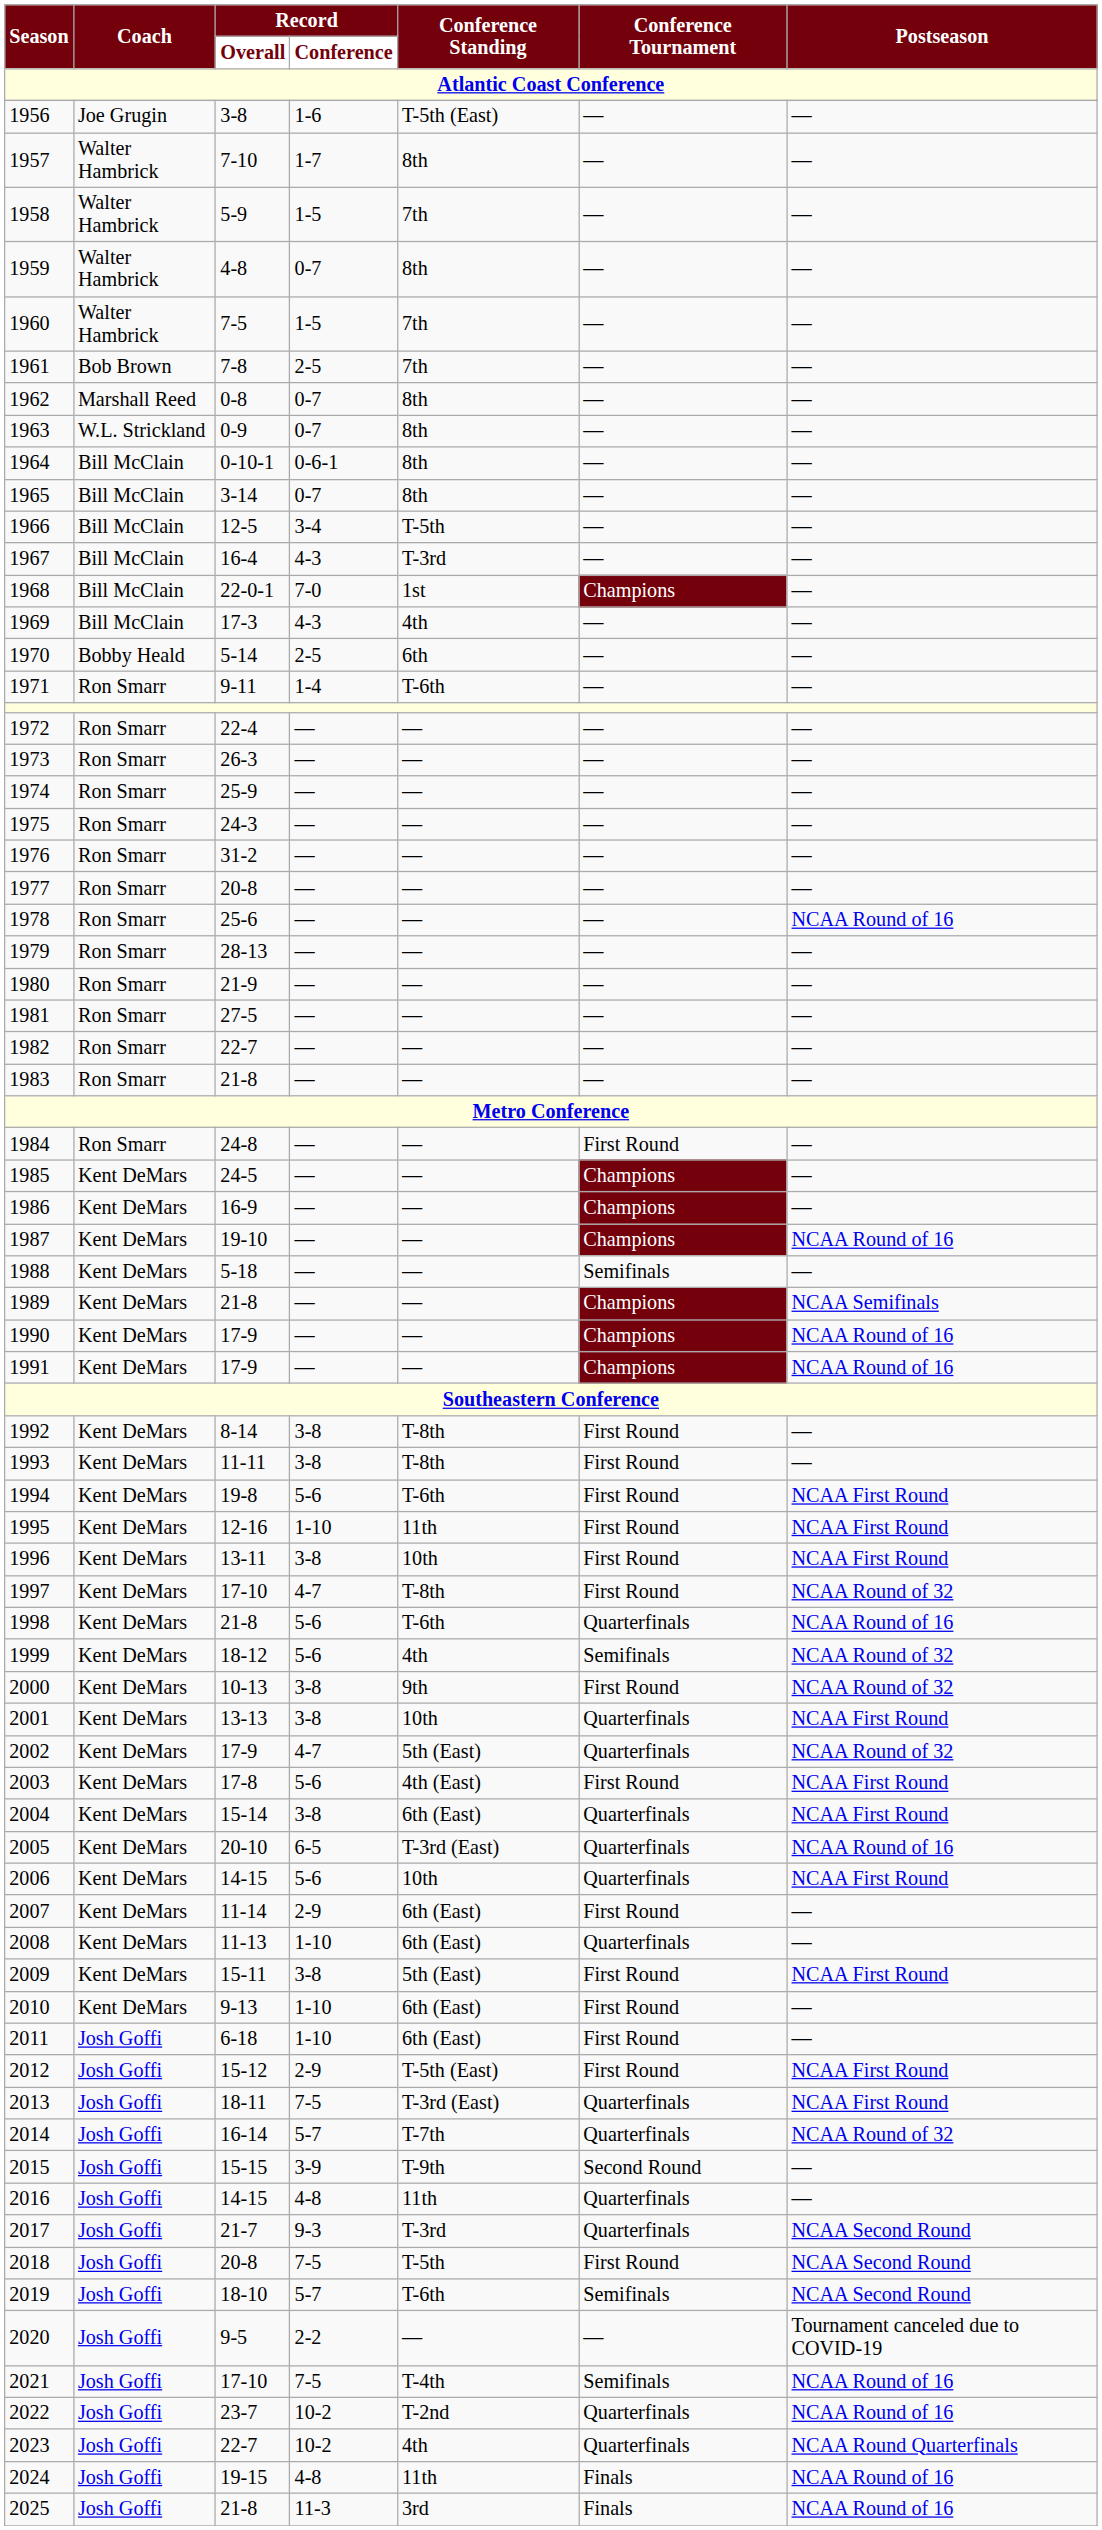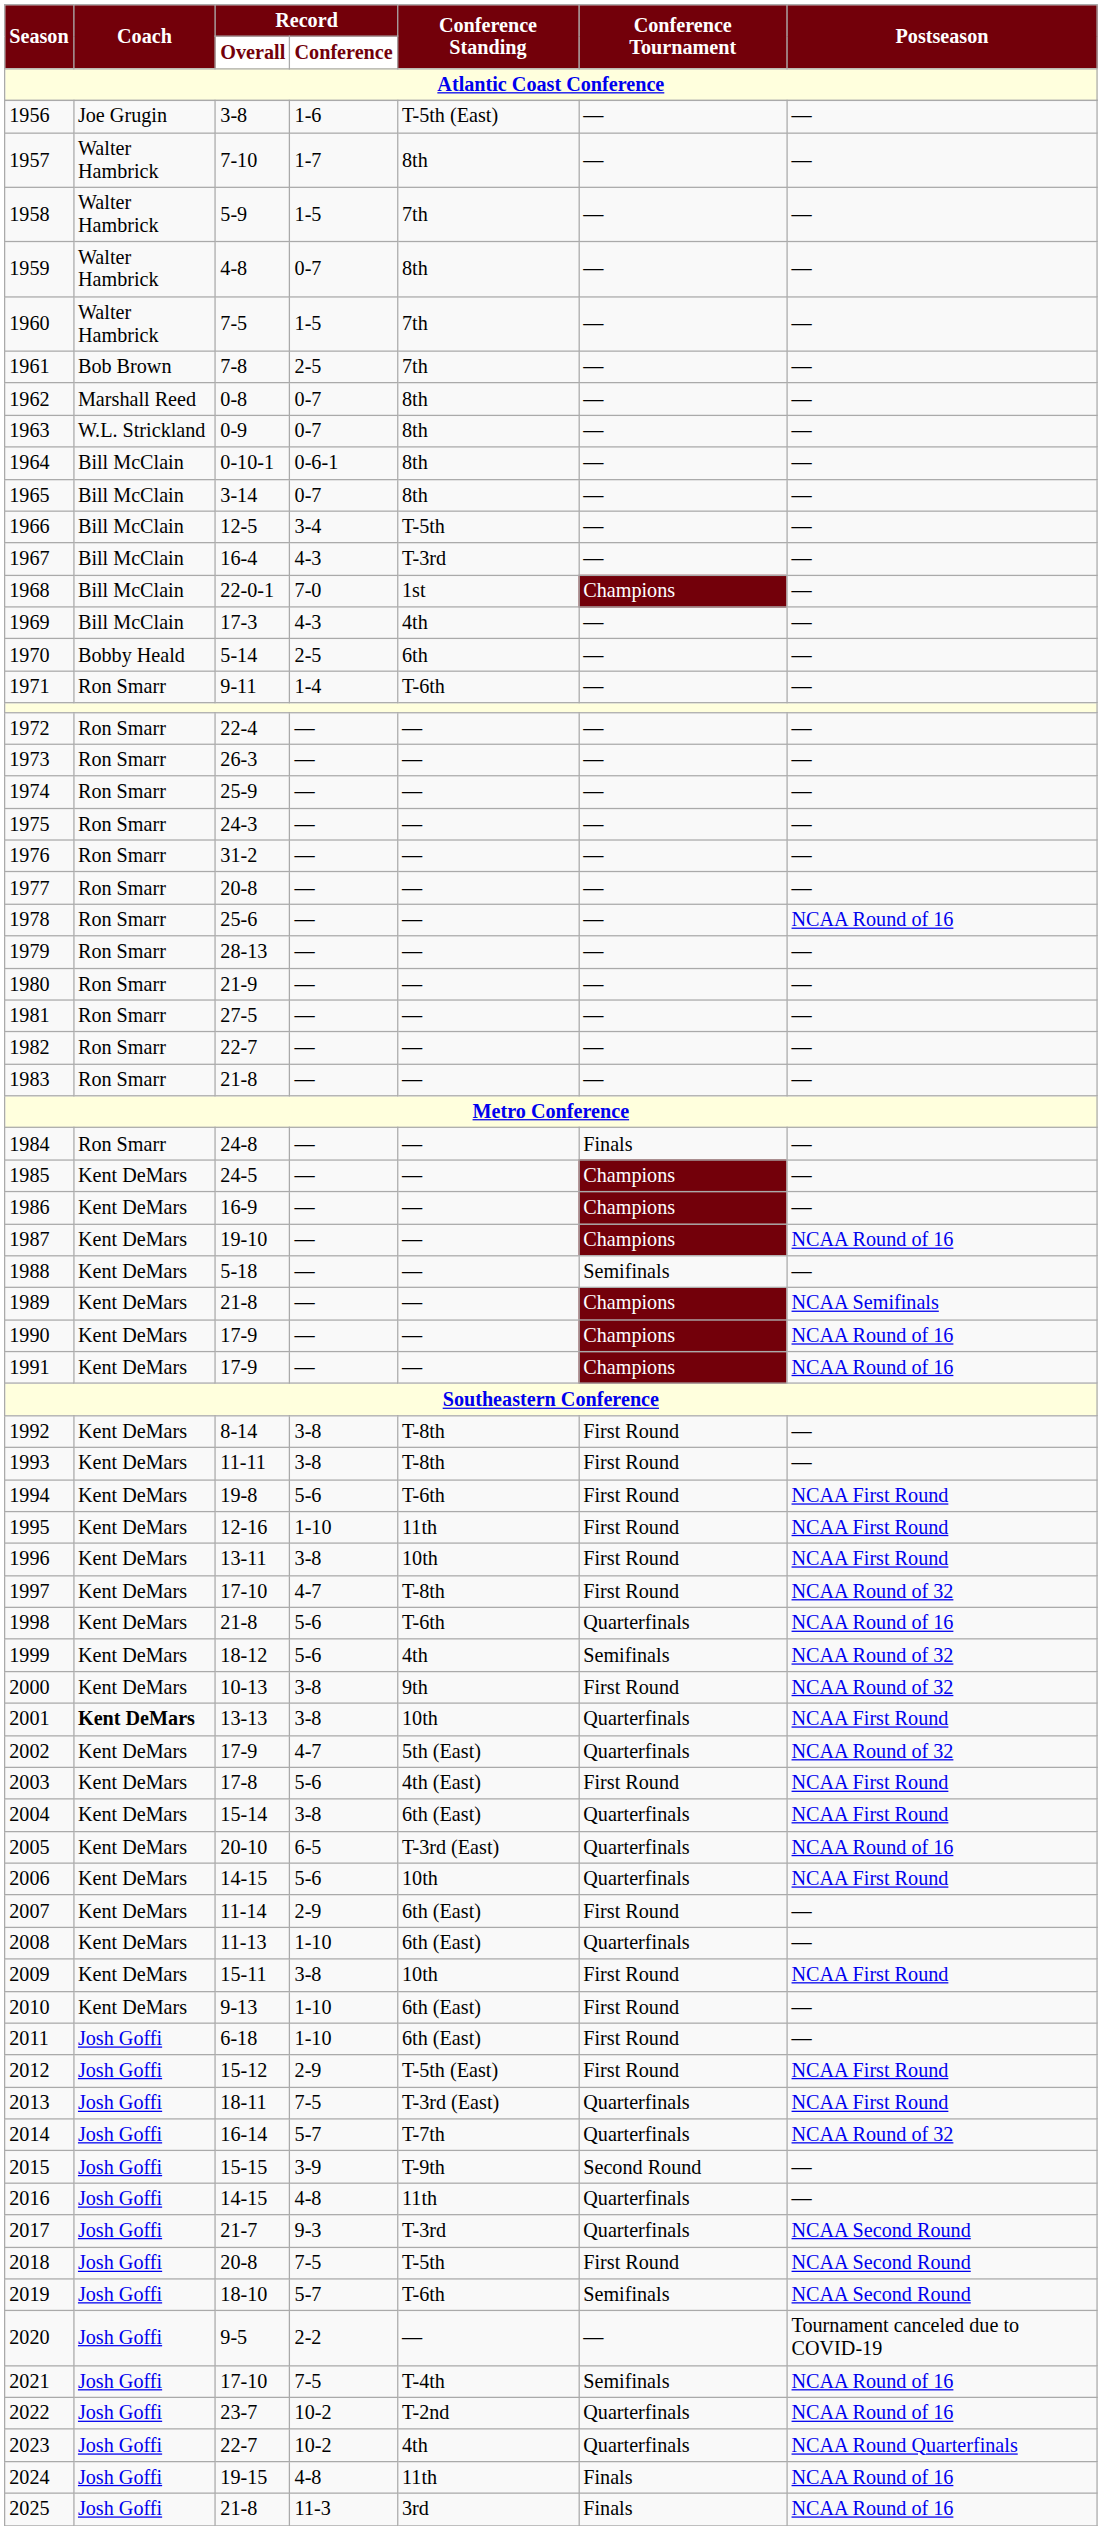 <table class="wikitable">
 <tr>
 <th rowspan="2" style="background: #73000a; color:white;">Season</th>
 <th rowspan="2" style="background: #73000a; color:white;">Coach</th>
 <th colspan="2" style="background: #73000a; color:white;">Record</th>
 <th rowspan="2" style="background: #73000a; color:white;">Conference Standing</th>
 <th rowspan="2" style="background: #73000a; color:white;">Conference Tournament</th>
 <th rowspan="2" style="background: #73000a; color:white;">Postseason</th>
 </tr>
 <tr>
 <td width="70px" align="center" style="width:20px; background: white; color:#73000a; text-align:center"><strong>Overall</strong></td>
 <td width="40px" style="width:20px; background: white; color:#73000a; text-align:center"><strong>Conference</strong></td>
 </tr>
 <tr style="background: #ffffdd;">
 <td colspan="7" style="text-align:center;"><strong><a href='#'>Atlantic Coast Conference</a></strong></td>
 </tr>
 <tr>
 </tr>
 <tr>
 <td>1956</td>
 <td>Joe Grugin</td>
 <td>3-8</td>
 <td>1-6</td>
 <td>T-5th (East)</td>
 <td>—</td>
 <td>—</td>
 </tr>
 <tr>
 <td>1957</td>
 <td>Walter Hambrick</td>
 <td>7-10</td>
 <td>1-7</td>
 <td>8th</td>
 <td>—</td>
 <td>—</td>
 </tr>
 <tr>
 <td>1958</td>
 <td>Walter Hambrick</td>
 <td>5-9</td>
 <td>1-5</td>
 <td>7th</td>
 <td>—</td>
 <td>—</td>
 </tr>
 <tr>
 <td>1959</td>
 <td>Walter Hambrick</td>
 <td>4-8</td>
 <td>0-7</td>
 <td>8th</td>
 <td>—</td>
 <td>—</td>
 </tr>
 <tr>
 <td>1960</td>
 <td>Walter Hambrick</td>
 <td>7-5</td>
 <td>1-5</td>
 <td>7th</td>
 <td>—</td>
 <td>—</td>
 </tr>
 <tr>
 <td>1961</td>
 <td>Bob Brown</td>
 <td>7-8</td>
 <td>2-5</td>
 <td>7th</td>
 <td>—</td>
 <td>—</td>
 </tr>
 <tr>
 <td>1962</td>
 <td>Marshall Reed</td>
 <td>0-8</td>
 <td>0-7</td>
 <td>8th</td>
 <td>—</td>
 <td>—</td>
 </tr>
 <tr>
 <td>1963</td>
 <td>W.L. Strickland</td>
 <td>0-9</td>
 <td>0-7</td>
 <td>8th</td>
 <td>—</td>
 <td>—</td>
 </tr>
 <tr>
 <td>1964</td>
 <td>Bill McClain</td>
 <td>0-10-1</td>
 <td>0-6-1</td>
 <td>8th</td>
 <td>—</td>
 <td>—</td>
 </tr>
 <tr>
 <td>1965</td>
 <td>Bill McClain</td>
 <td>3-14</td>
 <td>0-7</td>
 <td>8th</td>
 <td>—</td>
 <td>—</td>
 </tr>
 <tr>
 <td>1966</td>
 <td>Bill McClain</td>
 <td>12-5</td>
 <td>3-4</td>
 <td>T-5th</td>
 <td>—</td>
 <td>—</td>
 </tr>
 <tr>
 <td>1967</td>
 <td>Bill McClain</td>
 <td>16-4</td>
 <td>4-3</td>
 <td>T-3rd</td>
 <td>—</td>
 <td>—</td>
 </tr>
 <tr>
 <td>1968</td>
 <td>Bill McClain</td>
 <td>22-0-1</td>
 <td>7-0</td>
 <td>1st</td>
 <td style="background: #73000a; color:white">Champions</td>
 <td>—</td>
 </tr>
 <tr>
 <td>1969</td>
 <td>Bill McClain</td>
 <td>17-3</td>
 <td>4-3</td>
 <td>4th</td>
 <td>—</td>
 <td>—</td>
 </tr>
 <tr>
 <td>1970</td>
 <td>Bobby Heald</td>
 <td>5-14</td>
 <td>2-5</td>
 <td>6th</td>
 <td>—</td>
 <td>—</td>
 </tr>
 <tr>
 <td>1971</td>
 <td>Ron Smarr</td>
 <td>9-11</td>
 <td>1-4</td>
 <td>T-6th</td>
 <td>—</td>
 <td>—</td>
 </tr>
 <tr style="background: #ffffdd;">
 <td colspan="7"></td>
 </tr>
 <tr>
 <td>1972</td>
 <td>Ron Smarr</td>
 <td>22-4</td>
 <td>—</td>
 <td>—</td>
 <td>—</td>
 <td>—</td>
 </tr>
 <tr>
 <td>1973</td>
 <td>Ron Smarr</td>
 <td>26-3</td>
 <td>—</td>
 <td>—</td>
 <td>—</td>
 <td>—</td>
 </tr>
 <tr>
 <td>1974</td>
 <td>Ron Smarr</td>
 <td>25-9</td>
 <td>—</td>
 <td>—</td>
 <td>—</td>
 <td>—</td>
 </tr>
 <tr>
 <td>1975</td>
 <td>Ron Smarr</td>
 <td>24-3</td>
 <td>—</td>
 <td>—</td>
 <td>—</td>
 <td>—</td>
 </tr>
 <tr>
 <td>1976</td>
 <td>Ron Smarr</td>
 <td>31-2</td>
 <td>—</td>
 <td>—</td>
 <td>—</td>
 <td>—</td>
 </tr>
 <tr>
 <td>1977</td>
 <td>Ron Smarr</td>
 <td>20-8</td>
 <td>—</td>
 <td>—</td>
 <td>—</td>
 <td>—</td>
 </tr>
 <tr>
 <td>1978</td>
 <td>Ron Smarr</td>
 <td>25-6</td>
 <td>—</td>
 <td>—</td>
 <td>—</td>
 <td><a href='#'>NCAA Round of 16</a></td>
 </tr>
 <tr>
 <td>1979</td>
 <td>Ron Smarr</td>
 <td>28-13</td>
 <td>—</td>
 <td>—</td>
 <td>—</td>
 <td>—</td>
 </tr>
 <tr>
 <td>1980</td>
 <td>Ron Smarr</td>
 <td>21-9</td>
 <td>—</td>
 <td>—</td>
 <td>—</td>
 <td>—</td>
 </tr>
 <tr>
 <td>1981</td>
 <td>Ron Smarr</td>
 <td>27-5</td>
 <td>—</td>
 <td>—</td>
 <td>—</td>
 <td>—</td>
 </tr>
 <tr>
 <td>1982</td>
 <td>Ron Smarr</td>
 <td>22-7</td>
 <td>—</td>
 <td>—</td>
 <td>—</td>
 <td>—</td>
 </tr>
 <tr>
 <td>1983</td>
 <td>Ron Smarr</td>
 <td>21-8</td>
 <td>—</td>
 <td>—</td>
 <td>—</td>
 <td>—</td>
 </tr>
 <tr style="background: #ffffdd;">
 <td colspan="7" style="text-align:center;"><strong><a href='#'>Metro Conference</a></strong></td>
 </tr>
 <tr>
 <td>1984</td>
 <td>Ron Smarr</td>
 <td>24-8</td>
 <td>—</td>
 <td>—</td>
-<td>First Round</td>
+<td>Finals</td>
 <td>—</td>
 </tr>
 <tr>
 <td>1985</td>
 <td>Kent DeMars</td>
 <td>24-5</td>
 <td>—</td>
 <td>—</td>
 <td style="background: #73000a; color:white">Champions</td>
 <td>—</td>
 </tr>
 <tr>
 <td>1986</td>
 <td>Kent DeMars</td>
 <td>16-9</td>
 <td>—</td>
 <td>—</td>
 <td style="background: #73000a; color:white">Champions</td>
 <td>—</td>
 </tr>
 <tr>
 <td>1987</td>
 <td>Kent DeMars</td>
 <td>19-10</td>
 <td>—</td>
 <td>—</td>
 <td style="background: #73000a; color:white">Champions</td>
 <td><a href='#'>NCAA Round of 16</a></td>
 </tr>
 <tr>
 <td>1988</td>
 <td>Kent DeMars</td>
 <td>5-18</td>
 <td>—</td>
 <td>—</td>
 <td>Semifinals</td>
 <td>—</td>
 </tr>
 <tr>
 <td>1989</td>
 <td>Kent DeMars</td>
 <td>21-8</td>
 <td>—</td>
 <td>—</td>
 <td style="background: #73000a; color:white">Champions</td>
 <td><a href='#'>NCAA Semifinals</a></td>
 </tr>
 <tr>
 <td>1990</td>
 <td>Kent DeMars</td>
 <td>17-9</td>
 <td>—</td>
 <td>—</td>
 <td style="background: #73000a; color:white">Champions</td>
 <td><a href='#'>NCAA Round of 16</a></td>
 </tr>
 <tr>
 <td>1991</td>
 <td>Kent DeMars</td>
 <td>17-9</td>
 <td>—</td>
 <td>—</td>
 <td style="background: #73000a; color:white">Champions</td>
 <td><a href='#'>NCAA Round of 16</a></td>
 </tr>
 <tr style="background: #ffffdd;">
 <td colspan="7" style="text-align:center;"><strong><a href='#'>Southeastern Conference</a></strong></td>
 </tr>
 <tr>
 <td>1992</td>
 <td>Kent DeMars</td>
 <td>8-14</td>
 <td>3-8</td>
 <td>T-8th</td>
 <td>First Round</td>
 <td>—</td>
 </tr>
 <tr>
 <td>1993</td>
 <td>Kent DeMars</td>
 <td>11-11</td>
 <td>3-8</td>
 <td>T-8th</td>
 <td>First Round</td>
 <td>—</td>
 </tr>
 <tr>
 <td>1994</td>
 <td>Kent DeMars</td>
 <td>19-8</td>
 <td>5-6</td>
 <td>T-6th</td>
 <td>First Round</td>
 <td><a href='#'>NCAA First Round</a></td>
 </tr>
 <tr>
 <td>1995</td>
 <td>Kent DeMars</td>
 <td>12-16</td>
 <td>1-10</td>
 <td>11th</td>
 <td>First Round</td>
 <td><a href='#'>NCAA First Round</a></td>
 </tr>
 <tr>
 <td>1996</td>
 <td>Kent DeMars</td>
 <td>13-11</td>
 <td>3-8</td>
 <td>10th</td>
 <td>First Round</td>
 <td><a href='#'>NCAA First Round</a></td>
 </tr>
 <tr>
 <td>1997</td>
 <td>Kent DeMars</td>
 <td>17-10</td>
 <td>4-7</td>
 <td>T-8th</td>
 <td>First Round</td>
 <td><a href='#'>NCAA Round of 32</a></td>
 </tr>
 <tr>
 <td>1998</td>
 <td>Kent DeMars</td>
 <td>21-8</td>
 <td>5-6</td>
 <td>T-6th</td>
 <td>Quarterfinals</td>
 <td><a href='#'>NCAA Round of 16</a></td>
 </tr>
 <tr>
 <td>1999</td>
 <td>Kent DeMars</td>
 <td>18-12</td>
 <td>5-6</td>
 <td>4th</td>
 <td>Semifinals</td>
 <td><a href='#'>NCAA Round of 32</a></td>
 </tr>
 <tr>
 <td>2000</td>
 <td>Kent DeMars</td>
 <td>10-13</td>
 <td>3-8</td>
 <td>9th</td>
 <td>First Round</td>
 <td><a href='#'>NCAA Round of 32</a></td>
 </tr>
 <tr>
 <td>2001</td>
-<td>Kent DeMars</td>
+<td><strong>Kent DeMars</strong></td>
 <td>13-13</td>
 <td>3-8</td>
 <td>10th</td>
 <td>Quarterfinals</td>
 <td><a href='#'>NCAA First Round</a></td>
 </tr>
 <tr>
 <td>2002</td>
 <td>Kent DeMars</td>
 <td>17-9</td>
 <td>4-7</td>
 <td>5th (East)</td>
 <td>Quarterfinals</td>
 <td><a href='#'>NCAA Round of 32</a></td>
 </tr>
 <tr>
 <td>2003</td>
 <td>Kent DeMars</td>
 <td>17-8</td>
 <td>5-6</td>
 <td>4th (East)</td>
 <td>First Round</td>
 <td><a href='#'>NCAA First Round</a></td>
 </tr>
 <tr>
 <td>2004</td>
 <td>Kent DeMars</td>
 <td>15-14</td>
 <td>3-8</td>
 <td>6th (East)</td>
 <td>Quarterfinals</td>
 <td><a href='#'>NCAA First Round</a></td>
 </tr>
 <tr>
 <td>2005</td>
 <td>Kent DeMars</td>
 <td>20-10</td>
 <td>6-5</td>
 <td>T-3rd (East)</td>
 <td>Quarterfinals</td>
 <td><a href='#'>NCAA Round of 16</a></td>
 </tr>
 <tr>
 <td>2006</td>
 <td>Kent DeMars</td>
 <td>14-15</td>
 <td>5-6</td>
 <td>10th</td>
 <td>Quarterfinals</td>
 <td><a href='#'>NCAA First Round</a></td>
 </tr>
 <tr>
 <td>2007</td>
 <td>Kent DeMars</td>
 <td>11-14</td>
 <td>2-9</td>
 <td>6th (East)</td>
 <td>First Round</td>
 <td>—</td>
 </tr>
 <tr>
 <td>2008</td>
 <td>Kent DeMars</td>
 <td>11-13</td>
 <td>1-10</td>
 <td>6th (East)</td>
 <td>Quarterfinals</td>
 <td>—</td>
 </tr>
 <tr>
 <td>2009</td>
 <td>Kent DeMars</td>
 <td>15-11</td>
 <td>3-8</td>
-<td>5th (East)</td>
+<td>10th</td>
 <td>First Round</td>
 <td><a href='#'>NCAA First Round</a></td>
 </tr>
 <tr>
 <td>2010</td>
 <td>Kent DeMars</td>
 <td>9-13</td>
 <td>1-10</td>
 <td>6th (East)</td>
 <td>First Round</td>
 <td>—</td>
 </tr>
 <tr>
 <td>2011</td>
 <td><a href='#'>Josh Goffi</a></td>
 <td>6-18</td>
 <td>1-10</td>
 <td>6th (East)</td>
 <td>First Round</td>
 <td>—</td>
 </tr>
 <tr>
 <td>2012</td>
 <td><a href='#'>Josh Goffi</a></td>
 <td>15-12</td>
 <td>2-9</td>
 <td>T-5th (East)</td>
 <td>First Round</td>
 <td><a href='#'>NCAA First Round</a></td>
 </tr>
 <tr>
 <td>2013</td>
 <td><a href='#'>Josh Goffi</a></td>
 <td>18-11</td>
 <td>7-5</td>
 <td>T-3rd (East)</td>
 <td>Quarterfinals</td>
 <td><a href='#'>NCAA First Round</a></td>
 </tr>
 <tr>
 <td>2014</td>
 <td><a href='#'>Josh Goffi</a></td>
 <td>16-14</td>
 <td>5-7</td>
 <td>T-7th</td>
 <td>Quarterfinals</td>
 <td><a href='#'>NCAA Round of 32</a></td>
 </tr>
 <tr>
 <td>2015</td>
 <td><a href='#'>Josh Goffi</a></td>
 <td>15-15</td>
 <td>3-9</td>
 <td>T-9th</td>
 <td>Second Round</td>
 <td>—</td>
 </tr>
 <tr>
 <td>2016</td>
 <td><a href='#'>Josh Goffi</a></td>
 <td>14-15</td>
 <td>4-8</td>
 <td>11th</td>
 <td>Quarterfinals</td>
 <td>—</td>
 </tr>
 <tr>
 <td>2017</td>
 <td><a href='#'>Josh Goffi</a></td>
 <td>21-7</td>
 <td>9-3</td>
 <td>T-3rd</td>
 <td>Quarterfinals</td>
 <td><a href='#'>NCAA Second Round</a></td>
 </tr>
 <tr>
 <td>2018</td>
 <td><a href='#'>Josh Goffi</a></td>
 <td>20-8</td>
 <td>7-5</td>
 <td>T-5th</td>
 <td>First Round</td>
 <td><a href='#'>NCAA Second Round</a></td>
 </tr>
 <tr>
 <td>2019</td>
 <td><a href='#'>Josh Goffi</a></td>
 <td>18-10</td>
 <td>5-7</td>
 <td>T-6th</td>
 <td>Semifinals</td>
 <td><a href='#'>NCAA Second Round</a></td>
 </tr>
 <tr>
 <td>2020</td>
 <td><a href='#'>Josh Goffi</a></td>
 <td>9-5</td>
 <td>2-2</td>
 <td>—</td>
 <td>—</td>
 <td>Tournament canceled due to COVID-19</td>
 </tr>
 <tr>
 <td>2021</td>
 <td><a href='#'>Josh Goffi</a></td>
 <td>17-10</td>
 <td>7-5</td>
 <td>T-4th</td>
 <td>Semifinals</td>
 <td><a href='#'>NCAA Round of 16</a></td>
 </tr>
 <tr>
 <td>2022</td>
 <td><a href='#'>Josh Goffi</a></td>
 <td>23-7</td>
 <td>10-2</td>
 <td>T-2nd</td>
 <td>Quarterfinals</td>
 <td><a href='#'>NCAA Round of 16</a></td>
 </tr>
 <tr>
 <td>2023</td>
 <td><a href='#'>Josh Goffi</a></td>
 <td>22-7</td>
 <td>10-2</td>
 <td>4th</td>
 <td>Quarterfinals</td>
 <td><a href='#'>NCAA Round Quarterfinals</a></td>
 </tr>
 <tr>
 <td>2024</td>
 <td><a href='#'>Josh Goffi</a></td>
 <td>19-15</td>
 <td>4-8</td>
 <td>11th</td>
 <td>Finals</td>
 <td><a href='#'>NCAA Round of 16</a></td>
 </tr>
 <tr>
 <td>2025</td>
 <td><a href='#'>Josh Goffi</a></td>
 <td>21-8</td>
 <td>11-3</td>
 <td>3rd</td>
 <td>Finals</td>
 <td><a href='#'>NCAA Round of 16</a></td>
 </tr>
 </table>
